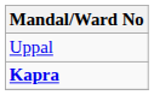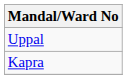 <table class="wikitable sortable static-row-numbers static-row-header-hash">
 <tr>
 <th>Mandal/Ward No</th>
 </tr>
 <tr>
 <td><a href='#'>Uppal</a></td>
 </tr>
 <tr>
-<td><strong><a href='#'>Kapra</a></strong></td>
+<td><a href='#'>Kapra</a></td>
 </tr>
 <tr>
 </tr>
 </table>
